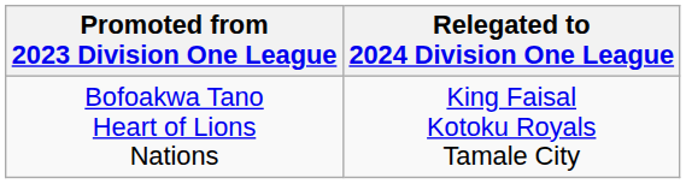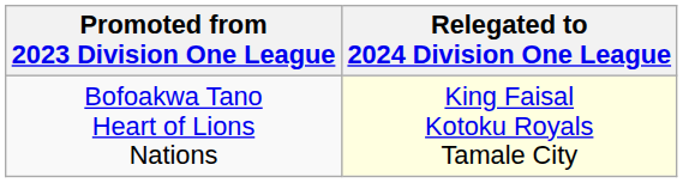 <table class="wikitable">
 <tr>
 <th>Promoted from<br><a href='#'>2023 Division One League</a></th>
 <th>Relegated to<br><a href='#'>2024 Division One League</a></th>
 </tr>
 <tr>
 <td align=center><a href='#'>Bofoakwa Tano</a><br><a href='#'>Heart of Lions</a><br>Nations</td>
-<td align=center><a href='#'>King Faisal</a><br><a href='#'>Kotoku Royals</a><br>Tamale City</td>
+<td align=center style="background: lightyellow;"><a href='#'>King Faisal</a><br><a href='#'>Kotoku Royals</a><br>Tamale City</td>
 </tr>
 </table>
